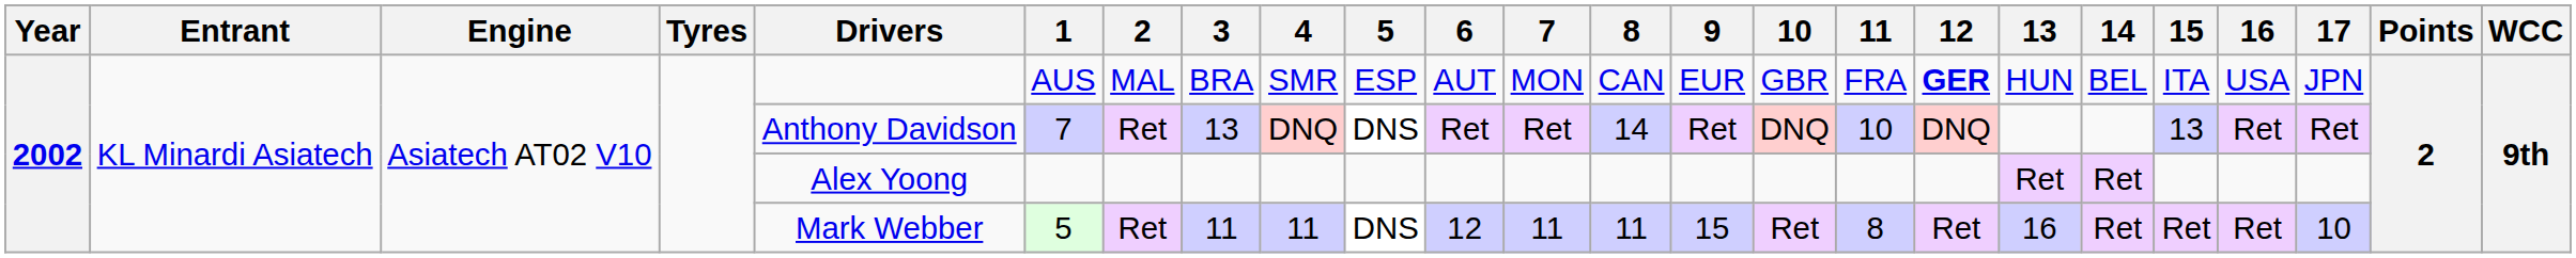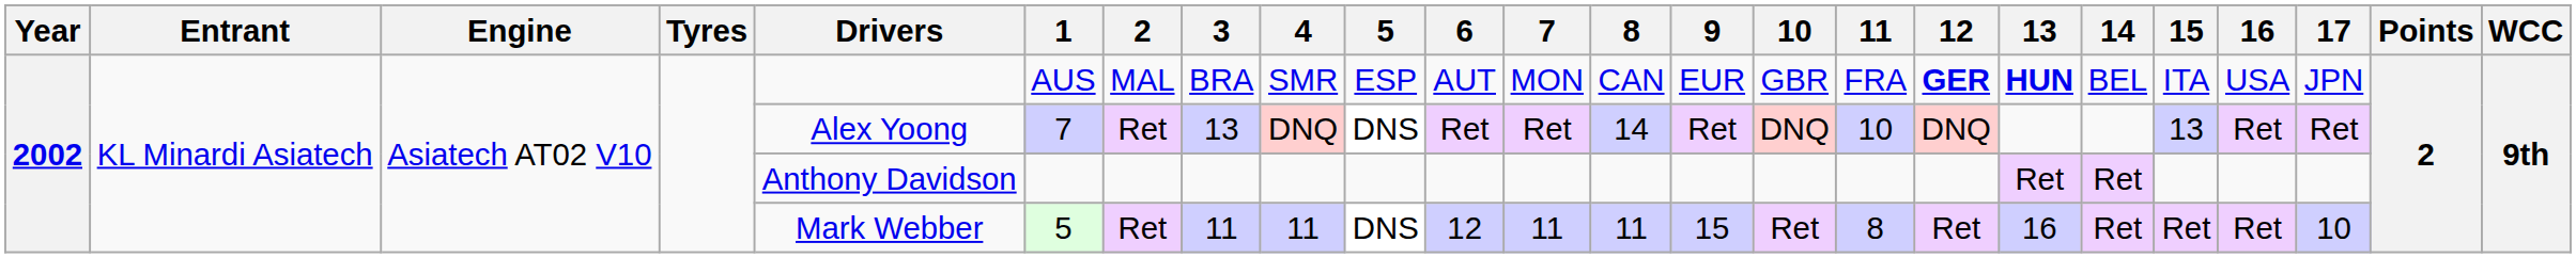 <table class="wikitable" style="text-align:center; font-size:95%">
 <tr>
 <th>Year</th>
 <th>Entrant</th>
 <th>Engine</th>
 <th>Tyres</th>
 <th>Drivers</th>
 <th>1</th>
 <th>2</th>
 <th>3</th>
 <th>4</th>
 <th>5</th>
 <th>6</th>
 <th>7</th>
 <th>8</th>
 <th>9</th>
 <th>10</th>
 <th>11</th>
 <th>12</th>
 <th>13</th>
 <th>14</th>
 <th>15</th>
 <th>16</th>
 <th>17</th>
 <th>Points</th>
 <th>WCC</th>
 </tr>
 <tr>
 <th rowspan="4"><a href='#'>2002</a></th>
 <td rowspan="4"><a href='#'>KL Minardi Asiatech</a></td>
 <td rowspan="4"><a href='#'>Asiatech</a> AT02 <a href='#'>V10</a></td>
 <td rowspan="4"></td>
 <td></td>
 <td><a href='#'>AUS</a></td>
 <td><a href='#'>MAL</a></td>
 <td><a href='#'>BRA</a></td>
 <td><a href='#'>SMR</a></td>
 <td><a href='#'>ESP</a></td>
 <td><a href='#'>AUT</a></td>
 <td><a href='#'>MON</a></td>
 <td><a href='#'>CAN</a></td>
 <td><a href='#'>EUR</a></td>
 <td><a href='#'>GBR</a></td>
 <td><a href='#'>FRA</a></td>
 <td><strong><a href='#'>GER</a></strong></td>
-<td><a href='#'>HUN</a></td>
+<td><strong><a href='#'>HUN</a></strong></td>
 <td><a href='#'>BEL</a></td>
 <td><a href='#'>ITA</a></td>
 <td><a href='#'>USA</a></td>
 <td><a href='#'>JPN</a></td>
 <th rowspan="4">2</th>
 <th rowspan="4">9th</th>
 </tr>
 <tr>
-<td> <a href='#'>Anthony Davidson</a></td>
+<td> <a href='#'>Alex Yoong</a></td>
 <td style="background:#CFCFFF;" align="center">7</td>
 <td style="background:#EFCFFF;" align="center">Ret</td>
 <td style="background:#CFCFFF;" align="center">13</td>
 <td style="background:#FFCFCF;" align="center">DNQ</td>
 <td style="background:#FFFFFF;" align="center">DNS</td>
 <td style="background:#EFCFFF;" align="center">Ret</td>
 <td style="background:#EFCFFF;" align="center">Ret</td>
 <td style="background:#CFCFFF;" align="center">14</td>
 <td style="background:#EFCFFF;" align="center">Ret</td>
 <td style="background:#FFCFCF;" align="center">DNQ</td>
 <td style="background:#CFCFFF;" align="center">10</td>
 <td style="background:#FFCFCF;" align="center">DNQ</td>
 <td></td>
 <td></td>
 <td style="background:#CFCFFF;" align="center">13</td>
 <td style="background:#EFCFFF;" align="center">Ret</td>
 <td style="background:#EFCFFF;" align="center">Ret</td>
 </tr>
 <tr>
-<td> <a href='#'>Alex Yoong</a></td>
+<td> <a href='#'>Anthony Davidson</a></td>
 <td></td>
 <td></td>
 <td></td>
 <td></td>
 <td></td>
 <td></td>
 <td></td>
 <td></td>
 <td></td>
 <td></td>
 <td></td>
 <td></td>
 <td style="background:#EFCFFF;" align="center">Ret</td>
 <td style="background:#EFCFFF;" align="center">Ret</td>
 <td></td>
 <td></td>
 <td></td>
 </tr>
 <tr>
 <td> <a href='#'>Mark Webber</a></td>
 <td style="background:#DFFFDF;" align="center">5</td>
 <td style="background:#EFCFFF;" align="center">Ret</td>
 <td style="background:#CFCFFF;" align="center">11</td>
 <td style="background:#CFCFFF;" align="center">11</td>
 <td style="background:#FFFFFF;" align="center">DNS</td>
 <td style="background:#CFCFFF;" align="center">12</td>
 <td style="background:#CFCFFF;" align="center">11</td>
 <td style="background:#CFCFFF;" align="center">11</td>
 <td style="background:#CFCFFF;" align="center">15</td>
 <td style="background:#EFCFFF;" align="center">Ret</td>
 <td style="background:#CFCFFF;" align="center">8</td>
 <td style="background:#EFCFFF;" align="center">Ret</td>
 <td style="background:#CFCFFF;" align="center">16</td>
 <td style="background:#EFCFFF;" align="center">Ret</td>
 <td style="background:#EFCFFF;" align="center">Ret</td>
 <td style="background:#EFCFFF;" align="center">Ret</td>
 <td style="background:#CFCFFF;" align="center">10</td>
 </tr>
 </table>
